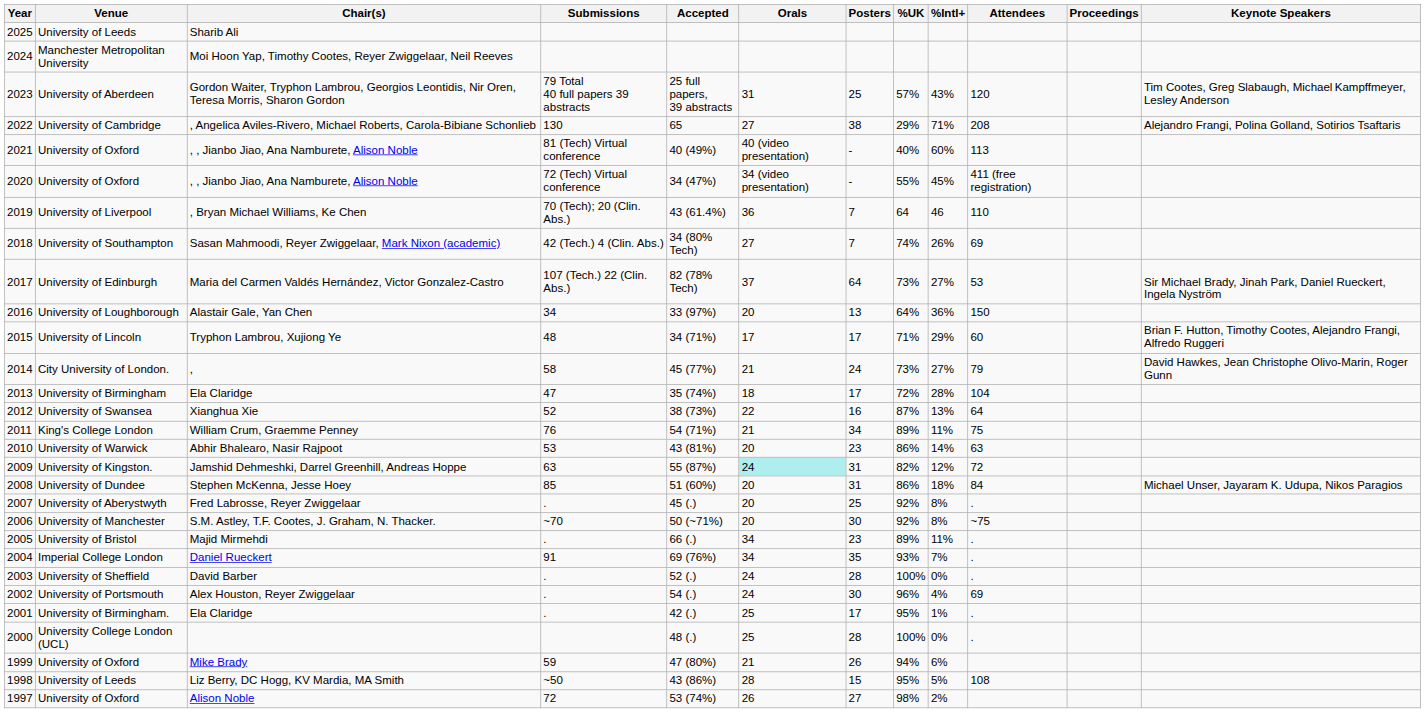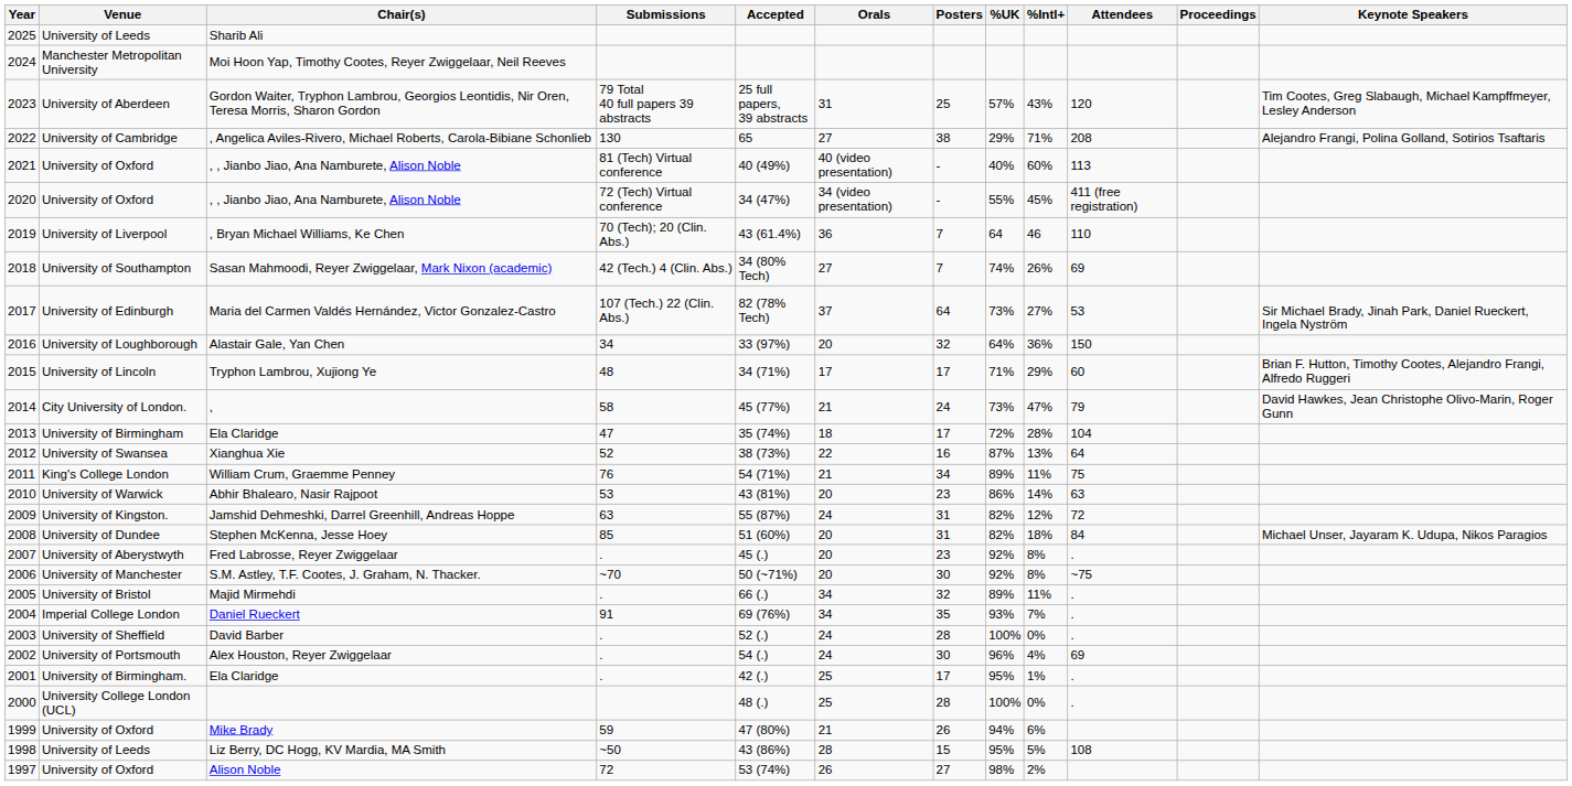 <table class="wikitable">
 <tr>
 <th>Year</th>
 <th>Venue</th>
 <th>Chair(s)</th>
 <th>Submissions</th>
 <th>Accepted</th>
 <th>Orals</th>
 <th>Posters</th>
 <th>%UK</th>
 <th>%Intl+</th>
 <th>Attendees</th>
 <th>Proceedings</th>
 <th>Keynote Speakers</th>
 </tr>
 <tr>
 <td>2025</td>
 <td>University of Leeds</td>
 <td>Sharib Ali</td>
 <td></td>
 <td></td>
 <td></td>
 <td></td>
 <td></td>
 <td></td>
 <td></td>
 <td></td>
 <td></td>
 </tr>
 <tr>
 <td>2024</td>
 <td>Manchester Metropolitan University</td>
 <td>Moi Hoon Yap, Timothy Cootes, Reyer Zwiggelaar, Neil Reeves</td>
 <td></td>
 <td></td>
 <td></td>
 <td></td>
 <td></td>
 <td></td>
 <td></td>
 <td> </td>
 <td></td>
 </tr>
 <tr>
 <td>2023</td>
 <td>University of Aberdeen</td>
 <td>Gordon Waiter, Tryphon Lambrou, Georgios Leontidis, Nir Oren, Teresa Morris, Sharon Gordon</td>
 <td>79 Total<br>40 full papers 39 abstracts</td>
 <td>25 full papers,<br>39 abstracts</td>
 <td>31</td>
 <td>25</td>
 <td>57%</td>
 <td>43%</td>
 <td>120</td>
 <td></td>
 <td>Tim Cootes, Greg Slabaugh, Michael Kampffmeyer, Lesley Anderson</td>
 </tr>
 <tr>
 <td>2022</td>
 <td>University of Cambridge</td>
 <td>, Angelica Aviles-Rivero, Michael Roberts, Carola-Bibiane Schonlieb</td>
 <td>130</td>
 <td>65</td>
 <td>27</td>
 <td>38</td>
 <td>29%</td>
 <td>71%</td>
 <td>208</td>
 <td></td>
 <td>Alejandro Frangi, Polina Golland, Sotirios Tsaftaris</td>
 </tr>
 <tr>
 <td>2021</td>
 <td>University of Oxford</td>
 <td>, , Jianbo Jiao, Ana Namburete, <a href='#'>Alison Noble</a></td>
 <td>81 (Tech) Virtual conference</td>
 <td>40 (49%)</td>
 <td>40 (video presentation)</td>
 <td>-</td>
 <td>40%</td>
 <td>60%</td>
 <td>113</td>
 <td></td>
 <td></td>
 </tr>
 <tr>
 <td>2020</td>
 <td>University of Oxford</td>
 <td>, , Jianbo Jiao, Ana Namburete, <a href='#'>Alison Noble</a></td>
 <td>72 (Tech) Virtual conference</td>
 <td>34 (47%)</td>
 <td>34 (video presentation)</td>
 <td>-</td>
 <td>55%</td>
 <td>45%</td>
 <td>411 (free registration)</td>
 <td></td>
 <td></td>
 </tr>
 <tr>
 <td>2019</td>
 <td>University of Liverpool</td>
 <td>, Bryan Michael Williams, Ke Chen</td>
 <td>70 (Tech); 20 (Clin. Abs.)</td>
 <td>43 (61.4%)</td>
 <td>36</td>
 <td>7</td>
 <td>64</td>
 <td>46</td>
 <td>110</td>
 <td></td>
 <td></td>
 </tr>
 <tr>
 <td>2018</td>
 <td>University of Southampton </td>
 <td>Sasan Mahmoodi, Reyer Zwiggelaar, <a href='#'>Mark Nixon (academic)</a></td>
 <td>42 (Tech.) 4 (Clin. Abs.)</td>
 <td>34 (80% Tech)</td>
 <td>27</td>
 <td>7</td>
 <td>74%</td>
 <td>26%</td>
 <td>69</td>
 <td></td>
 <td></td>
 </tr>
 <tr>
 <td>2017</td>
 <td>University of Edinburgh</td>
 <td>Maria del Carmen Valdés Hernández, Victor Gonzalez-Castro</td>
 <td>107 (Tech.) 22 (Clin. Abs.)</td>
 <td>82 (78% Tech)</td>
 <td>37</td>
 <td>64</td>
 <td>73%</td>
 <td>27%</td>
 <td>53</td>
 <td></td>
 <td><br>Sir Michael Brady, Jinah Park, Daniel Rueckert, Ingela Nyström</td>
 </tr>
 <tr>
 <td>2016</td>
 <td>University of Loughborough</td>
 <td>Alastair Gale, Yan Chen</td>
 <td>34</td>
 <td>33 (97%)</td>
 <td>20</td>
-<td>13</td>
+<td>32</td>
 <td>64%</td>
 <td>36%</td>
 <td>150</td>
 <td></td>
 <td></td>
 </tr>
 <tr>
 <td>2015</td>
 <td>University of Lincoln</td>
 <td>Tryphon Lambrou, Xujiong Ye</td>
 <td>48</td>
 <td>34 (71%)</td>
 <td>17</td>
 <td>17</td>
 <td>71%</td>
 <td>29%</td>
 <td>60</td>
 <td></td>
 <td>Brian F. Hutton, Timothy Cootes, Alejandro Frangi, Alfredo Ruggeri</td>
 </tr>
 <tr>
 <td>2014</td>
 <td>City University of London.</td>
 <td>, </td>
 <td>58</td>
 <td>45 (77%)</td>
 <td>21</td>
 <td>24</td>
 <td>73%</td>
-<td>27%</td>
+<td>47%</td>
 <td>79</td>
 <td></td>
 <td>David Hawkes, Jean Christophe Olivo-Marin, Roger Gunn</td>
 </tr>
 <tr>
 <td>2013</td>
 <td>University of Birmingham</td>
 <td>Ela Claridge</td>
 <td>47</td>
 <td>35 (74%)</td>
 <td>18</td>
 <td>17</td>
 <td>72%</td>
 <td>28%</td>
 <td>104</td>
 <td></td>
 <td></td>
 </tr>
 <tr>
 <td>2012</td>
 <td>University of Swansea</td>
 <td>Xianghua Xie</td>
 <td>52</td>
 <td>38 (73%)</td>
 <td>22</td>
 <td>16</td>
 <td>87%</td>
 <td>13%</td>
 <td>64</td>
 <td></td>
 <td></td>
 </tr>
 <tr>
 <td>2011</td>
 <td>King's College London</td>
 <td>William Crum, Graemme Penney</td>
 <td>76</td>
 <td>54 (71%)</td>
 <td>21</td>
 <td>34</td>
 <td>89%</td>
 <td>11%</td>
 <td>75</td>
 <td></td>
 <td></td>
 </tr>
 <tr>
 <td>2010</td>
 <td>University of Warwick</td>
 <td>Abhir Bhalearo, Nasir Rajpoot</td>
 <td>53</td>
 <td>43 (81%)</td>
 <td>20</td>
 <td>23</td>
 <td>86%</td>
 <td>14%</td>
 <td>63</td>
 <td></td>
 <td></td>
 </tr>
 <tr>
 <td>2009</td>
 <td>University of Kingston.</td>
 <td>Jamshid Dehmeshki, Darrel Greenhill, Andreas Hoppe</td>
 <td>63</td>
 <td>55 (87%)</td>
-<td style="background: paleturquoise;">24</td>
+<td>24</td>
 <td>31</td>
 <td>82%</td>
 <td>12%</td>
 <td>72</td>
 <td></td>
 <td></td>
 </tr>
 <tr>
 <td>2008</td>
 <td>University of Dundee</td>
 <td>Stephen McKenna, Jesse Hoey</td>
 <td>85</td>
 <td>51 (60%)</td>
 <td>20</td>
 <td>31</td>
-<td>86%</td>
+<td>82%</td>
 <td>18%</td>
 <td>84</td>
 <td></td>
 <td>Michael Unser, Jayaram K. Udupa, Nikos Paragios</td>
 </tr>
 <tr>
 <td>2007</td>
 <td>University of Aberystwyth</td>
 <td>Fred Labrosse, Reyer Zwiggelaar</td>
 <td>.</td>
 <td>45 (.)</td>
 <td>20</td>
-<td>25</td>
+<td>23</td>
 <td>92%</td>
 <td>8%</td>
 <td>.</td>
 <td></td>
 <td></td>
 </tr>
 <tr>
 <td>2006</td>
 <td>University of Manchester</td>
 <td>S.M. Astley, T.F. Cootes, J. Graham, N. Thacker.</td>
 <td>~70</td>
 <td>50 (~71%)</td>
 <td>20</td>
 <td>30</td>
 <td>92%</td>
 <td>8%</td>
 <td>~75</td>
 <td></td>
 <td></td>
 </tr>
 <tr>
 <td>2005</td>
 <td>University of Bristol</td>
 <td>Majid Mirmehdi</td>
 <td>.</td>
 <td>66 (.)</td>
 <td>34</td>
-<td>23</td>
+<td>32</td>
 <td>89%</td>
 <td>11%</td>
 <td>.</td>
 <td></td>
 <td></td>
 </tr>
 <tr>
 <td>2004</td>
 <td>Imperial College London</td>
 <td><a href='#'>Daniel Rueckert</a></td>
 <td>91</td>
 <td>69 (76%)</td>
 <td>34</td>
 <td>35</td>
 <td>93%</td>
 <td>7%</td>
 <td>.</td>
 <td></td>
 <td></td>
 </tr>
 <tr>
 <td>2003</td>
 <td>University of Sheffield</td>
 <td>David Barber</td>
 <td>.</td>
 <td>52 (.)</td>
 <td>24</td>
 <td>28</td>
 <td>100%</td>
 <td>0%</td>
 <td>.</td>
 <td></td>
 <td></td>
 </tr>
 <tr>
 <td>2002</td>
 <td>University of Portsmouth</td>
 <td>Alex Houston, Reyer Zwiggelaar</td>
 <td>.</td>
 <td>54 (.)</td>
 <td>24</td>
 <td>30</td>
 <td>96%</td>
 <td>4%</td>
 <td>69</td>
 <td></td>
 <td></td>
 </tr>
 <tr>
 <td>2001</td>
 <td>University of Birmingham.</td>
 <td>Ela Claridge</td>
 <td>.</td>
 <td>42 (.)</td>
 <td>25</td>
 <td>17</td>
 <td>95%</td>
 <td>1%</td>
 <td>.</td>
 <td></td>
 <td></td>
 </tr>
 <tr>
 <td>2000</td>
 <td>University College London (UCL)</td>
 <td></td>
 <td></td>
 <td>48 (.)</td>
 <td>25</td>
 <td>28</td>
 <td>100%</td>
 <td>0%</td>
 <td>.</td>
 <td></td>
 <td></td>
 </tr>
 <tr>
 <td>1999</td>
 <td>University of Oxford</td>
 <td><a href='#'>Mike Brady</a></td>
 <td>59</td>
 <td>47 (80%)</td>
 <td>21</td>
 <td>26</td>
 <td>94%</td>
 <td>6%</td>
 <td></td>
 <td></td>
 <td></td>
 </tr>
 <tr>
 <td>1998</td>
 <td>University of Leeds</td>
 <td>Liz Berry, DC Hogg, KV Mardia, MA Smith</td>
 <td>~50</td>
 <td>43  (86%)</td>
 <td>28</td>
 <td>15</td>
 <td>95%</td>
 <td>5%</td>
 <td>108</td>
 <td></td>
 <td></td>
 </tr>
 <tr>
 <td>1997</td>
 <td>University of Oxford</td>
 <td><a href='#'>Alison Noble</a></td>
 <td>72</td>
 <td>53 (74%)</td>
 <td>26</td>
 <td>27</td>
 <td>98%</td>
 <td>2%</td>
 <td></td>
 <td></td>
 <td></td>
 </tr>
 </table>
